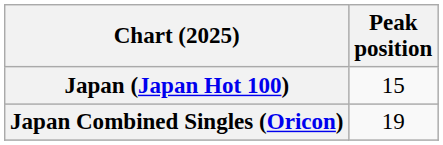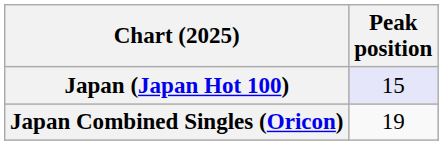 <table class="wikitable plainrowheaders sortable" style="text-align:center">
 <tr>
 <th scope="col">Chart (2025)</th>
 <th scope="col">Peak<br>position</th>
 </tr>
 <tr>
 <th scope="row">Japan (<a href='#'>Japan Hot 100</a>)</th>
-<td>15</td>
+<td style="background: lavender;">15</td>
 </tr>
 <tr>
 <th scope="row">Japan Combined Singles (<a href='#'>Oricon</a>)</th>
 <td>19</td>
 </tr>
 </table>
